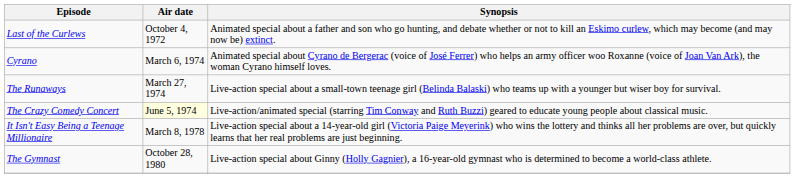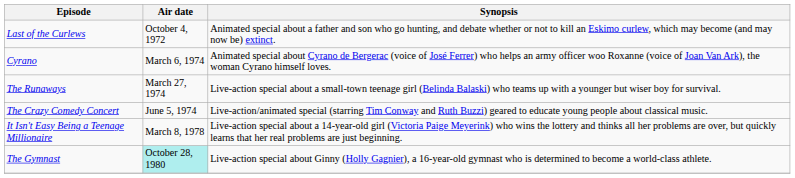 <table class="wikitable sortable">
 <tr>
 <th>Episode</th>
 <th>Air date</th>
 <th>Synopsis</th>
 </tr>
 <tr>
 <td><em><a href='#'>Last of the Curlews</a></em></td>
 <td>October 4, 1972</td>
 <td>Animated special about a father and son who go hunting, and debate whether or not to kill an <a href='#'>Eskimo curlew</a>, which may become (and may now be) <a href='#'>extinct</a>.</td>
 </tr>
 <tr>
 <td><em><a href='#'>Cyrano</a></em></td>
 <td>March 6, 1974</td>
 <td>Animated special about <a href='#'>Cyrano de Bergerac</a> (voice of <a href='#'>José Ferrer</a>) who helps an army officer woo Roxanne (voice of <a href='#'>Joan Van Ark</a>), the woman Cyrano himself loves.</td>
 </tr>
 <tr>
 <td><em><a href='#'>The Runaways</a></em></td>
 <td>March 27, 1974</td>
 <td>Live-action special about a small-town teenage girl (<a href='#'>Belinda Balaski</a>) who teams up with a younger but wiser boy for survival.</td>
 </tr>
 <tr>
 <td><em><a href='#'>The Crazy Comedy Concert</a></em></td>
-<td style="background: lightyellow;">June 5, 1974</td>
+<td>June 5, 1974</td>
 <td>Live-action/animated special (starring <a href='#'>Tim Conway</a> and <a href='#'>Ruth Buzzi</a>) geared to educate young people about classical music.</td>
 </tr>
 <tr>
 <td><em><a href='#'>It Isn't Easy Being a Teenage Millionaire</a></em></td>
 <td>March 8, 1978</td>
 <td>Live-action special about a 14-year-old girl (<a href='#'>Victoria Paige Meyerink</a>) who wins the lottery and thinks all her problems are over, but quickly learns that her real problems are just beginning.</td>
 </tr>
 <tr>
 <td><em><a href='#'>The Gymnast</a></em></td>
-<td>October 28, 1980</td>
+<td style="background: paleturquoise;">October 28, 1980</td>
 <td>Live-action special about Ginny (<a href='#'>Holly Gagnier</a>), a 16-year-old gymnast who is determined to become a world-class athlete.</td>
 </tr>
 <tr>
 </tr>
 </table>
